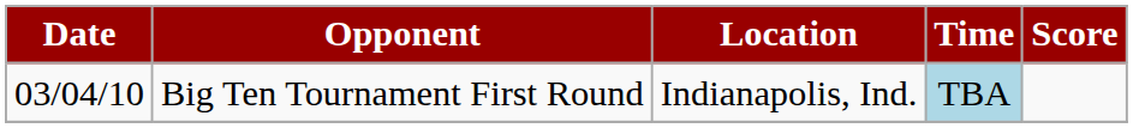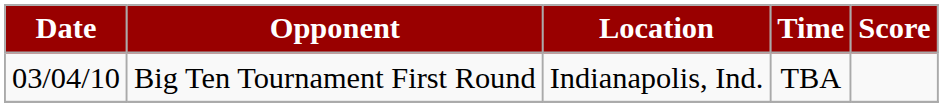 <table class="wikitable" style="text-align:center">
 <tr>
 <th style="background:#990000;color:#FFFFFF;">Date</th>
 <th style="background:#990000;color:#FFFFFF;">Opponent</th>
 <th style="background:#990000;color:#FFFFFF;">Location</th>
 <th style="background:#990000;color:#FFFFFF;">Time</th>
 <th style="background:#990000;color:#FFFFFF;">Score</th>
 </tr>
 <tr>
 <td>03/04/10</td>
 <td>Big Ten Tournament First Round</td>
 <td>Indianapolis, Ind.</td>
-<td style="background: lightblue;">TBA</td>
+<td>TBA</td>
 <td></td>
 </tr>
 <tr>
 </tr>
 </table>
